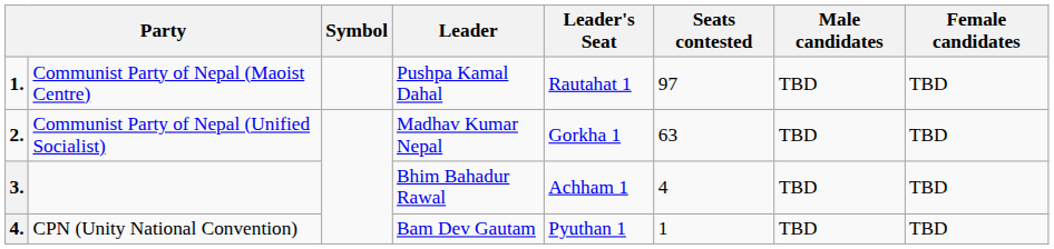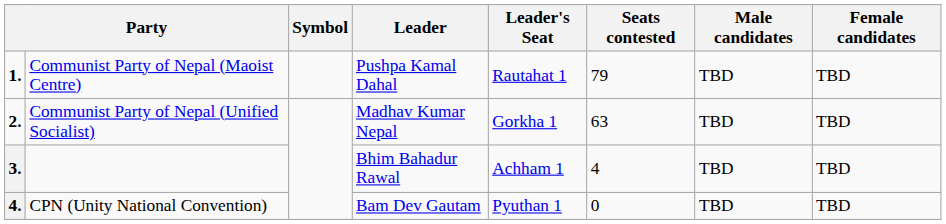 <table class="wikitable">
 <tr>
 <th colspan="2">Party</th>
 <th>Symbol</th>
 <th>Leader</th>
 <th>Leader's Seat</th>
 <th>Seats contested</th>
 <th>Male candidates</th>
 <th>Female candidates</th>
 </tr>
 <tr>
 <td style="text-align:center; background:"><strong>1.</strong></td>
 <td><a href='#'>Communist Party of Nepal (Maoist Centre)</a></td>
 <td></td>
 <td><a href='#'>Pushpa Kamal Dahal</a></td>
 <td><a href='#'>Rautahat 1</a></td>
-<td>97</td>
+<td>79</td>
 <td>TBD</td>
 <td>TBD</td>
 </tr>
 <tr>
 <td style="text-align:center; background:"><strong>2.</strong></td>
 <td><a href='#'>Communist Party of Nepal (Unified Socialist)</a></td>
 <td rowspan="3"></td>
 <td><a href='#'>Madhav Kumar Nepal</a></td>
 <td><a href='#'>Gorkha 1</a></td>
 <td>63</td>
 <td>TBD</td>
 <td>TBD</td>
 </tr>
 <tr>
 <th>3.</th>
 <td></td>
 <td><a href='#'>Bhim Bahadur Rawal</a></td>
 <td><a href='#'>Achham 1</a></td>
 <td>4</td>
 <td>TBD</td>
 <td>TBD</td>
 </tr>
 <tr>
 <th>4.</th>
 <td>CPN (Unity National Convention)</td>
 <td><a href='#'>Bam Dev Gautam</a></td>
 <td><a href='#'>Pyuthan 1</a></td>
-<td>1</td>
+<td>0</td>
 <td>TBD</td>
 <td>TBD</td>
 </tr>
 </table>
